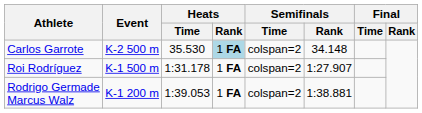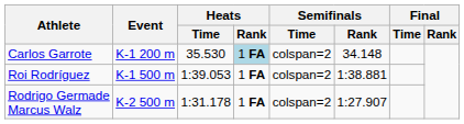 <table class=wikitable style="font-size:90%;">
 <tr>
 <th rowspan=2>Athlete</th>
 <th rowspan=2>Event</th>
 <th colspan=2>Heats</th>
 <th colspan=2>Semifinals</th>
 <th colspan=2>Final</th>
 </tr>
 <tr style="font-size:95%">
 <th>Time</th>
 <th>Rank</th>
 <th>Time</th>
 <th>Rank</th>
 <th>Time</th>
 <th>Rank</th>
 </tr>
 <tr align=center>
 <td align=left><a href='#'>Carlos Garrote</a></td>
-<td align=left><a href='#'>K-2 500 m</a></td>
+<td align=left><a href='#'>K-1 200 m</a></td>
 <td>35.530</td>
 <td style="background: lightblue;">1 <strong>FA</strong></td>
 <td>colspan=2 </td>
 <td>34.148</td>
 <td></td>
 </tr>
 <tr align=center>
 <td align=left><a href='#'>Roi Rodríguez</a></td>
 <td align=left><a href='#'>K-1 500 m</a></td>
+<td>1:39.053</td>
+<td>1 <strong>FA</strong></td>
+<td>colspan=2 </td>
+<td>1:38.881</td>
+<td></td>
+</tr>
+<tr align=center>
+<td align=left><a href='#'>Rodrigo Germade</a><br><a href='#'>Marcus Walz</a></td>
+<td align=left><a href='#'>K-2 500 m</a></td>
 <td>1:31.178</td>
 <td>1 <strong>FA</strong></td>
 <td>colspan=2 </td>
 <td>1:27.907</td>
 <td></td>
 </tr>
-<tr align=center>
-<td align=left><a href='#'>Rodrigo Germade</a><br><a href='#'>Marcus Walz</a></td>
-<td align=left><a href='#'>K-1 200 m</a></td>
-<td>1:39.053</td>
-<td>1 <strong>FA</strong></td>
-<td>colspan=2 </td>
-<td>1:38.881</td>
-<td></td>
-</tr>
 </table>
